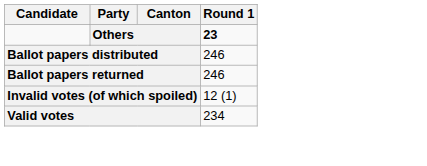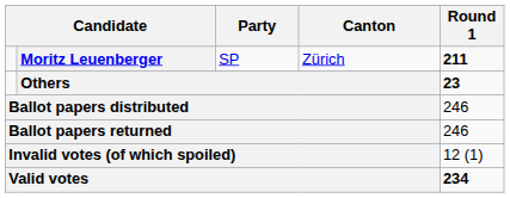 <table class="wikitable">
 <tr>
 <th colspan=2>Candidate</th>
 <th>Party</th>
 <th>Canton</th>
 <th>Round 1</th>
+</tr>
+<tr>
+<td width=5px style="background-color: "></td>
+<td width=200px style="background-color:#F2F2F2"><strong><a href='#'>Moritz Leuenberger</a></strong></td>
+<td width=80px><a href='#'>SP</a></td>
+<td width=140px><a href='#'>Zürich</a></td>
+<td width=60px><strong>211</strong></td>
 </tr>
 <tr>
 <td></td>
 <td colspan=3 style="background-color:#F2F2F2"><strong>Others</strong></td>
 <td><strong>23</strong></td>
 </tr>
 <tr>
 <td colspan=4 style="background-color:#F2F2F2"><strong>Ballot papers distributed</strong></td>
 <td>246</td>
 </tr>
 <tr>
 <td colspan=4 style="background-color:#F2F2F2"><strong>Ballot papers returned</strong></td>
 <td>246</td>
 </tr>
 <tr>
 <td colspan=4 style="background-color:#F2F2F2"><strong>Invalid votes (of which spoiled)</strong></td>
 <td>12 (1)</td>
 </tr>
 <tr>
 <td colspan=4 style="background-color:#F2F2F2"><strong>Valid votes</strong></td>
-<td>234</td>
+<td><strong>234</strong></td>
 </tr>
 </table>
